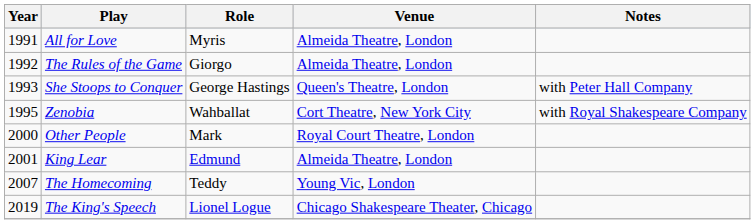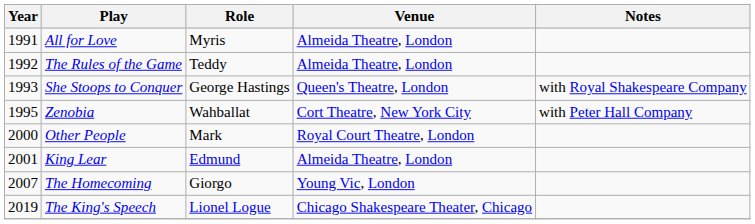 <table class="wikitable">
 <tr style="background:#b0c4de; text-align:center;">
 <th>Year</th>
 <th>Play</th>
 <th>Role</th>
 <th>Venue</th>
 <th>Notes</th>
 </tr>
 <tr>
 <td>1991</td>
 <td><em><a href='#'>All for Love</a></em></td>
 <td>Myris</td>
 <td><a href='#'>Almeida Theatre</a>, <a href='#'>London</a></td>
 <td></td>
 </tr>
 <tr>
 <td>1992</td>
 <td><em><a href='#'>The Rules of the Game</a></em></td>
-<td>Giorgo</td>
+<td>Teddy</td>
 <td><a href='#'>Almeida Theatre</a>, <a href='#'>London</a></td>
 <td></td>
 </tr>
 <tr>
 <td>1993</td>
 <td><em><a href='#'>She Stoops to Conquer</a></em></td>
 <td>George Hastings</td>
 <td><a href='#'>Queen's Theatre</a>, <a href='#'>London</a></td>
-<td>with <a href='#'>Peter Hall Company</a></td>
+<td>with <a href='#'>Royal Shakespeare Company</a></td>
 </tr>
 <tr>
 <td>1995</td>
 <td><em><a href='#'>Zenobia</a></em></td>
 <td>Wahballat</td>
 <td><a href='#'>Cort Theatre</a>, <a href='#'>New York City</a></td>
-<td>with <a href='#'>Royal Shakespeare Company</a></td>
+<td>with <a href='#'>Peter Hall Company</a></td>
 </tr>
 <tr>
 <td>2000</td>
 <td><em><a href='#'>Other People</a></em></td>
 <td>Mark</td>
 <td><a href='#'>Royal Court Theatre</a>, <a href='#'>London</a></td>
 <td></td>
 </tr>
 <tr>
 <td>2001</td>
 <td><em><a href='#'>King Lear</a></em></td>
 <td><a href='#'>Edmund</a></td>
 <td><a href='#'>Almeida Theatre</a>, <a href='#'>London</a></td>
 <td></td>
 </tr>
 <tr>
 <td>2007</td>
 <td><em><a href='#'>The Homecoming</a></em></td>
-<td>Teddy</td>
+<td>Giorgo</td>
 <td><a href='#'>Young Vic</a>, <a href='#'>London</a></td>
 <td></td>
 </tr>
 <tr>
 <td>2019</td>
 <td><em><a href='#'>The King's Speech</a></em></td>
 <td><a href='#'>Lionel Logue</a></td>
 <td><a href='#'>Chicago Shakespeare Theater</a>, <a href='#'>Chicago</a></td>
 <td></td>
 </tr>
 <tr>
 </tr>
 </table>
